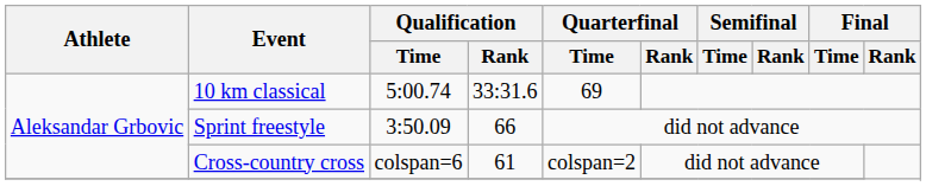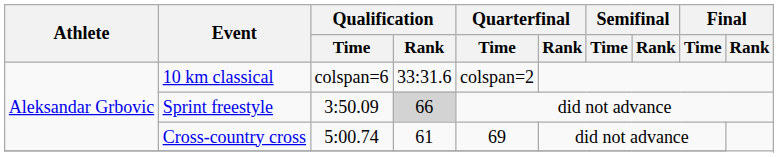 <table class="wikitable" style="font-size:90%; text-align:center;">
 <tr>
 <th rowspan=2>Athlete</th>
 <th rowspan=2>Event</th>
 <th colspan=2>Qualification</th>
 <th colspan=2>Quarterfinal</th>
 <th colspan=2>Semifinal</th>
 <th colspan=2>Final</th>
 </tr>
 <tr style="font-size:95%">
 <th>Time</th>
 <th>Rank</th>
 <th>Time</th>
 <th>Rank</th>
 <th>Time</th>
 <th>Rank</th>
 <th>Time</th>
 <th>Rank</th>
 </tr>
 <tr>
 <td align=left rowspan=3><a href='#'>Aleksandar Grbovic</a></td>
 <td align=left><a href='#'>10 km classical</a></td>
-<td>5:00.74</td>
+<td>colspan=6 </td>
 <td>33:31.6</td>
-<td>69</td>
+<td>colspan=2 </td>
 </tr>
 <tr>
 <td align=left><a href='#'>Sprint freestyle</a></td>
 <td>3:50.09</td>
-<td>66</td>
+<td style="background: lightgrey;">66</td>
 <td colspan=6>did not advance</td>
 </tr>
 <tr>
 <td align=left><a href='#'>Cross-country cross</a></td>
-<td>colspan=6 </td>
+<td>5:00.74</td>
 <td>61</td>
-<td>colspan=2 </td>
+<td>69</td>
 <td colspan=4>did not advance</td>
 </tr>
 <tr>
 </tr>
 </table>
